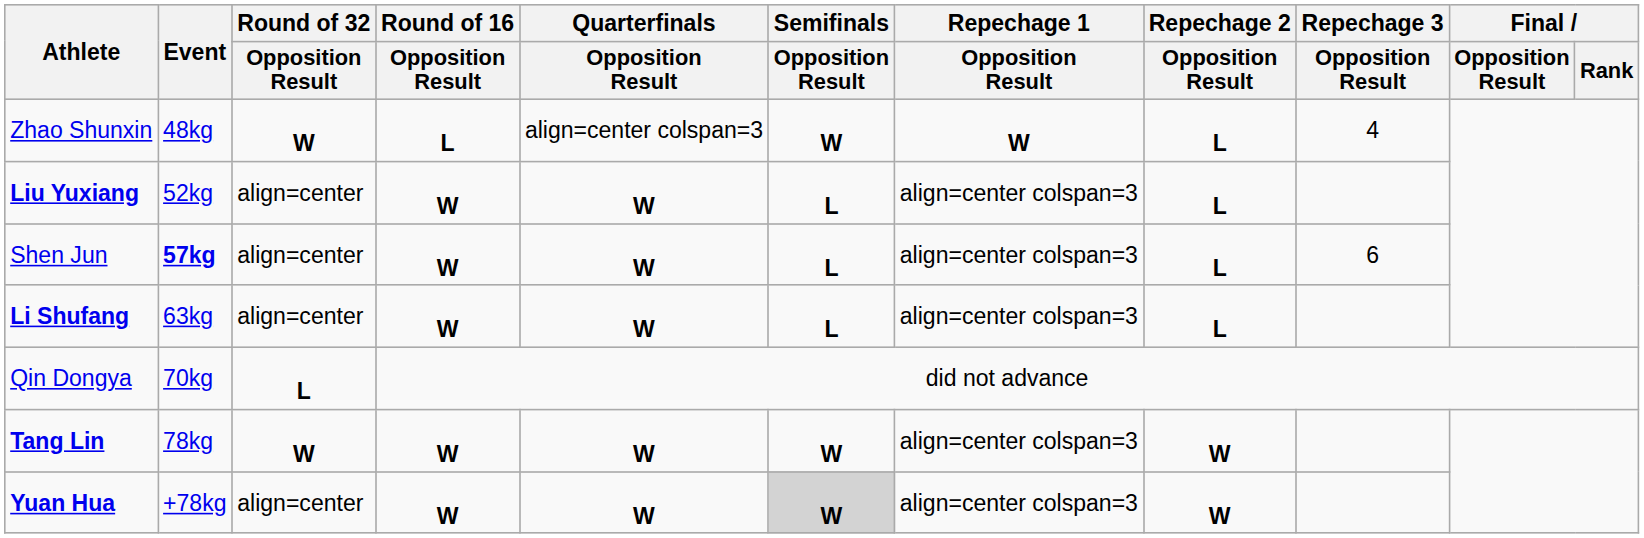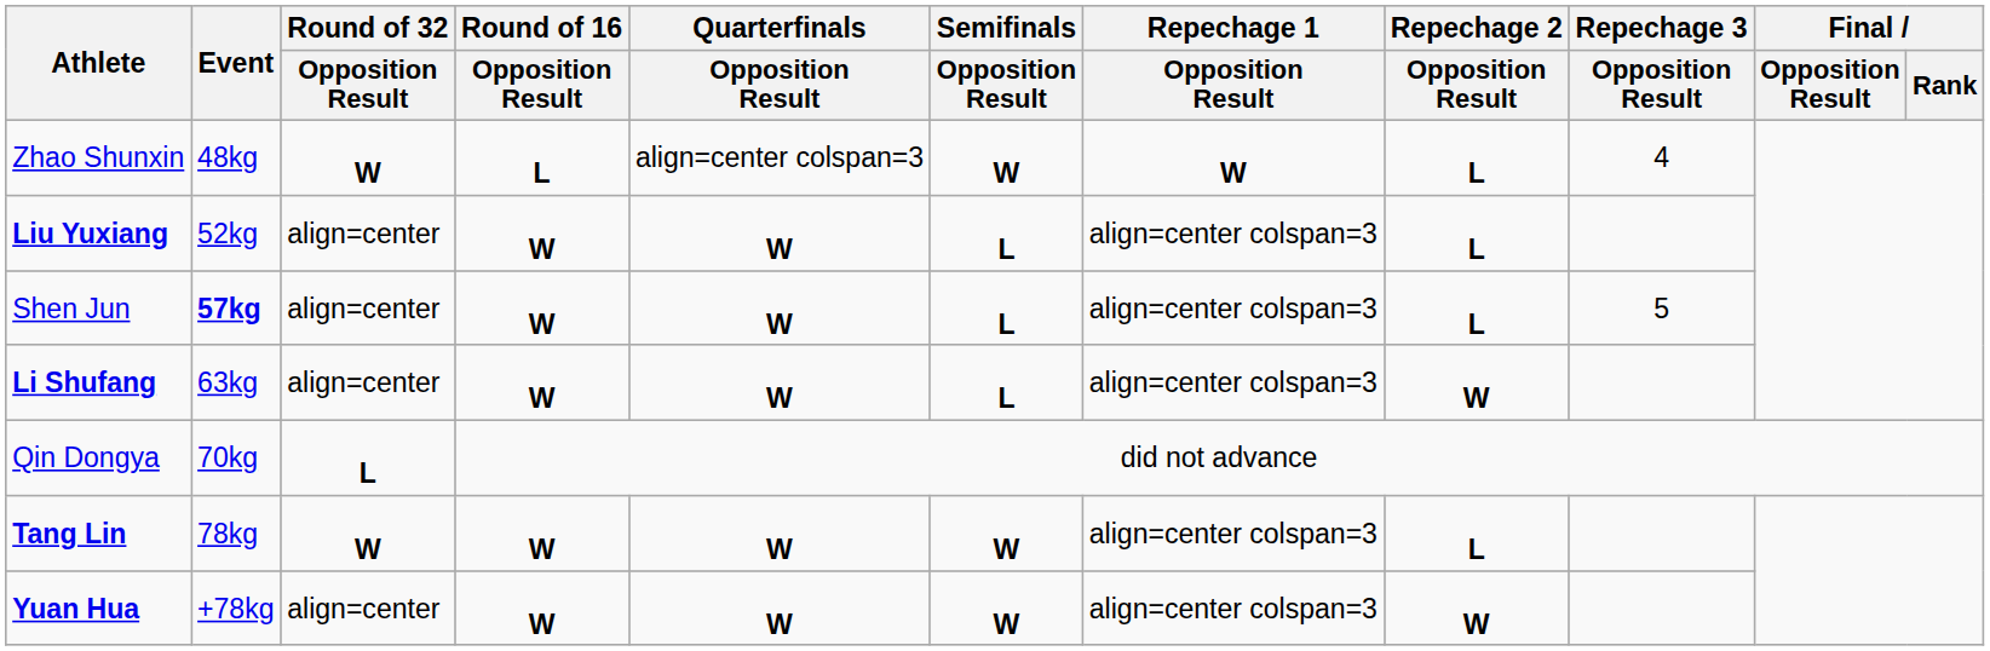 <table class="wikitable" style="font-size:90%">
 <tr>
 <th rowspan="2">Athlete</th>
 <th rowspan="2">Event</th>
 <th>Round of 32</th>
 <th>Round of 16</th>
 <th>Quarterfinals</th>
 <th>Semifinals</th>
 <th>Repechage 1</th>
 <th>Repechage 2</th>
 <th>Repechage 3</th>
 <th colspan=2>Final / </th>
 </tr>
 <tr style="font-size:95%">
 <th>Opposition<br>Result</th>
 <th>Opposition<br>Result</th>
 <th>Opposition<br>Result</th>
 <th>Opposition<br>Result</th>
 <th>Opposition<br>Result</th>
 <th>Opposition<br>Result</th>
 <th>Opposition<br>Result</th>
 <th>Opposition<br>Result</th>
 <th>Rank</th>
 </tr>
 <tr>
 <td align=left><a href='#'>Zhao Shunxin</a></td>
 <td align=left><a href='#'>48kg</a></td>
 <td align=center><br><strong>W</strong></td>
 <td align=center><br><strong>L</strong></td>
 <td>align=center colspan=3 </td>
 <td align=center><br><strong>W</strong></td>
 <td align=center><br><strong>W</strong></td>
 <td align=center><br><strong>L</strong></td>
 <td align=center>4</td>
 </tr>
 <tr>
 <td align=left><strong><a href='#'>Liu Yuxiang</a></strong></td>
 <td align=left><a href='#'>52kg</a></td>
 <td>align=center </td>
 <td align=center><br><strong>W</strong></td>
 <td align=center><br><strong>W</strong></td>
 <td align=center><br><strong>L</strong></td>
 <td>align=center colspan=3 </td>
 <td align=center><br><strong>L</strong></td>
 <td align=center></td>
 </tr>
 <tr>
 <td align=left><a href='#'>Shen Jun</a></td>
 <td align=left><strong><a href='#'>57kg</a></strong></td>
 <td>align=center </td>
 <td align=center><br><strong>W</strong></td>
 <td align=center><br><strong>W</strong></td>
 <td align=center><br><strong>L</strong></td>
 <td>align=center colspan=3 </td>
 <td align=center><br><strong>L</strong></td>
-<td align=center>6</td>
+<td align=center>5</td>
 </tr>
 <tr>
 <td align=left><strong><a href='#'>Li Shufang</a></strong></td>
 <td align=left><a href='#'>63kg</a></td>
 <td>align=center </td>
 <td align=center><br><strong>W</strong></td>
 <td align=center><br><strong>W</strong></td>
 <td align=center><br><strong>L</strong></td>
 <td>align=center colspan=3 </td>
-<td align=center><br><strong>L</strong></td>
+<td align=center><br><strong>W</strong></td>
 <td align=center></td>
 </tr>
 <tr>
 <td align=left><a href='#'>Qin Dongya</a></td>
 <td align=left><a href='#'>70kg</a></td>
 <td align=center><br><strong>L</strong></td>
 <td align=center colspan=8>did not advance</td>
 </tr>
 <tr>
 <td align=left><strong><a href='#'>Tang Lin</a></strong></td>
 <td align=left><a href='#'>78kg</a></td>
 <td align=center><br><strong>W</strong></td>
 <td align=center><br><strong>W</strong></td>
 <td align=center><br><strong>W</strong></td>
 <td align=center><br><strong>W</strong></td>
 <td>align=center colspan=3 </td>
-<td align=center><br><strong>W</strong></td>
+<td align=center><br><strong>L</strong></td>
 <td align=center></td>
 </tr>
 <tr>
 <td align=left><strong><a href='#'>Yuan Hua</a></strong></td>
 <td align=left><a href='#'>+78kg</a></td>
 <td>align=center </td>
 <td align=center><br><strong>W</strong></td>
 <td align=center><br><strong>W</strong></td>
-<td align=center style="background: lightgrey;"><br><strong>W</strong></td>
+<td align=center><br><strong>W</strong></td>
 <td>align=center colspan=3 </td>
 <td align=center><br><strong>W</strong></td>
 <td align=center></td>
 </tr>
 </table>
